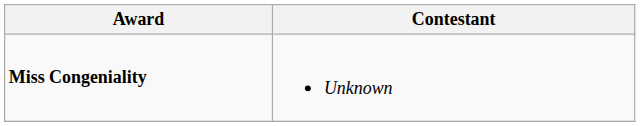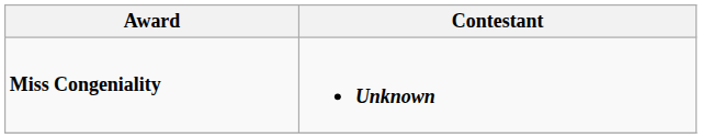 <table class="wikitable sortable" style="font-size:95%;">
 <tr>
 <th width="220">Award</th>
 <th width="300">Contestant</th>
 </tr>
 <tr>
 <td><strong>Miss Congeniality</strong></td>
-<td><br><ul><li><em>Unknown</em></li></ul></td>
+<td><strong><br><ul><li><em>Unknown</em></li></ul></strong></td>
 </tr>
 <tr>
 </tr>
 </table>
